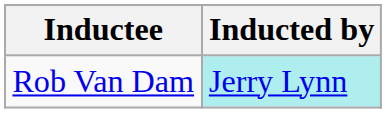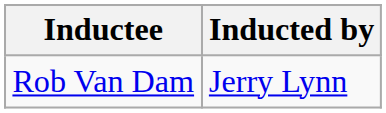 <table class="wikitable">
 <tr>
 <th>Inductee</th>
 <th>Inducted by</th>
 </tr>
 <tr>
 <td><a href='#'>Rob Van Dam</a></td>
-<td style="background: paleturquoise;"><a href='#'>Jerry Lynn</a></td>
+<td><a href='#'>Jerry Lynn</a></td>
 </tr>
 </table>
